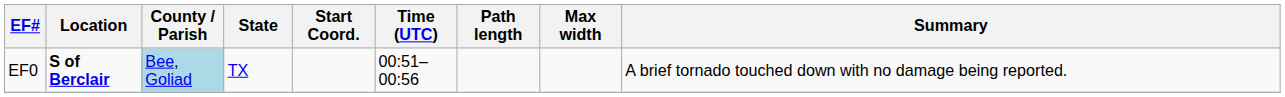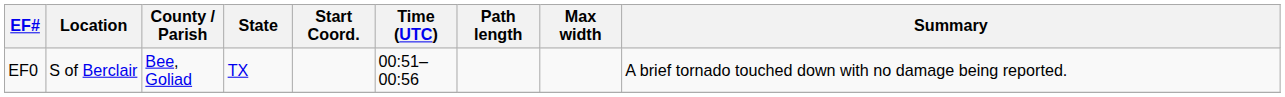 <table class="wikitable sortable" style="width:100%;">
 <tr>
 <th scope="col"  style="width:3%; text-align:center;"><a href='#'>EF#</a></th>
 <th scope="col"  style="width:7%; text-align:center;" class="unsortable">Location</th>
 <th scope="col"  style="width:6%; text-align:center;" class="unsortable">County / Parish</th>
 <th scope="col"  style="width:5%; text-align:center;">State</th>
 <th scope="col"  style="width:6%; text-align:center;">Start Coord.</th>
 <th scope="col"  style="width:6%; text-align:center;">Time (<a href='#'>UTC</a>)</th>
 <th scope="col"  style="width:6%; text-align:center;">Path length</th>
 <th scope="col"  style="width:6%; text-align:center;">Max width</th>
 <th scope="col" class="unsortable" style="width:48%; text-align:center;">Summary</th>
 </tr>
 <tr>
 <td>EF0</td>
-<td><strong>S of <a href='#'>Berclair</a></strong></td>
-<td style="background: lightblue;"><a href='#'>Bee</a>, <a href='#'>Goliad</a></td>
+<td>S of <a href='#'>Berclair</a></td>
+<td><a href='#'>Bee</a>, <a href='#'>Goliad</a></td>
 <td><a href='#'>TX</a></td>
 <td></td>
 <td>00:51–00:56</td>
 <td></td>
 <td></td>
 <td>A brief tornado touched down with no damage being reported.</td>
 </tr>
 <tr>
 </tr>
 </table>
